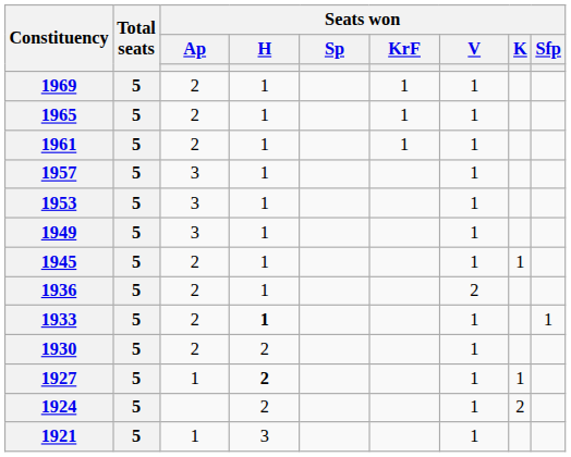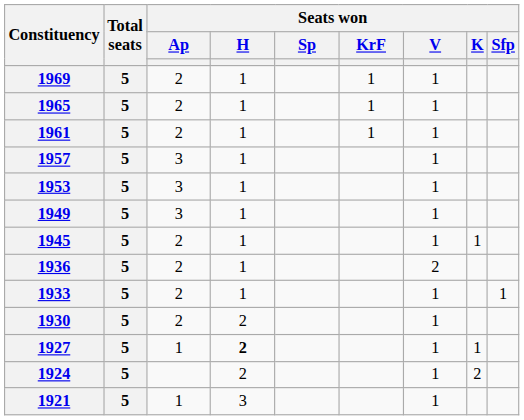 <table class="wikitable" style="text-align:center; font-size: 0.9em;">
 <tr>
 <th rowspan="3">Constituency</th>
 <th rowspan="3">Total<br>seats</th>
 <th colspan="7">Seats won</th>
 </tr>
 <tr>
 <th class="unsortable" style="width:50px;"><a href='#'>Ap</a></th>
 <th class="unsortable" style="width:50px;"><a href='#'>H</a></th>
 <th class="unsortable" style="width:50px;"><a href='#'>Sp</a></th>
 <th class="unsortable" style="width:50px;"><a href='#'>KrF</a></th>
 <th class="unsortable" style="width:50px;"><a href='#'>V</a></th>
 <th><a href='#'>K</a></th>
 <th><a href='#'>Sfp</a></th>
 </tr>
 <tr>
 <th style="background:"></th>
 <th style="background:"></th>
 <th style="background:"></th>
 <th style="background:"></th>
 <th style="background:"></th>
 <th style="background:"></th>
 <th style="background:"></th>
 </tr>
 <tr>
 <th><a href='#'>1969</a></th>
 <th>5</th>
 <td>2</td>
 <td>1</td>
 <td></td>
 <td>1</td>
 <td>1</td>
 <td></td>
 <td></td>
 </tr>
 <tr>
 <th><a href='#'>1965</a></th>
 <th>5</th>
 <td>2</td>
 <td>1</td>
 <td></td>
 <td>1</td>
 <td>1</td>
 <td></td>
 <td></td>
 </tr>
 <tr>
 <th><a href='#'>1961</a></th>
 <th>5</th>
 <td>2</td>
 <td>1</td>
 <td></td>
 <td>1</td>
 <td>1</td>
 <td></td>
 <td></td>
 </tr>
 <tr>
 <th><a href='#'>1957</a></th>
 <th>5</th>
 <td>3</td>
 <td>1</td>
 <td></td>
 <td></td>
 <td>1</td>
 <td></td>
 <td></td>
 </tr>
 <tr>
 <th><a href='#'>1953</a></th>
 <th><strong>5</strong></th>
 <td>3</td>
 <td>1</td>
 <td></td>
 <td></td>
 <td>1</td>
 <td></td>
 <td></td>
 </tr>
 <tr>
 <th><a href='#'>1949</a></th>
 <th><strong>5</strong></th>
 <td>3</td>
 <td>1</td>
 <td></td>
 <td></td>
 <td>1</td>
 <td></td>
 <td></td>
 </tr>
 <tr>
 <th><a href='#'>1945</a></th>
 <th>5</th>
 <td>2</td>
 <td>1</td>
 <td></td>
 <td></td>
 <td>1</td>
 <td>1</td>
 <td></td>
 </tr>
 <tr>
 <th><a href='#'>1936</a></th>
 <th>5</th>
 <td>2</td>
 <td>1</td>
 <td></td>
 <td></td>
 <td>2</td>
 <td></td>
 <td></td>
 </tr>
 <tr>
 <th><a href='#'>1933</a></th>
 <th>5</th>
 <td>2</td>
-<td><strong>1</strong></td>
+<td>1</td>
 <td></td>
 <td></td>
 <td>1</td>
 <td></td>
 <td>1</td>
 </tr>
 <tr>
 <th><a href='#'>1930</a></th>
 <th>5</th>
 <td>2</td>
 <td>2</td>
 <td></td>
 <td></td>
 <td>1</td>
 <td></td>
 <td></td>
 </tr>
 <tr>
 <th><a href='#'>1927</a></th>
 <th>5</th>
 <td>1</td>
 <td><strong>2</strong></td>
 <td></td>
 <td></td>
 <td>1</td>
 <td>1</td>
 <td></td>
 </tr>
 <tr>
 <th><a href='#'>1924</a></th>
 <th>5</th>
 <td></td>
 <td>2</td>
 <td></td>
 <td></td>
 <td>1</td>
 <td>2</td>
 <td></td>
 </tr>
 <tr>
 <th><a href='#'>1921</a></th>
 <th>5</th>
 <td>1</td>
 <td>3</td>
 <td></td>
 <td></td>
 <td>1</td>
 <td></td>
 <td></td>
 </tr>
 </table>
